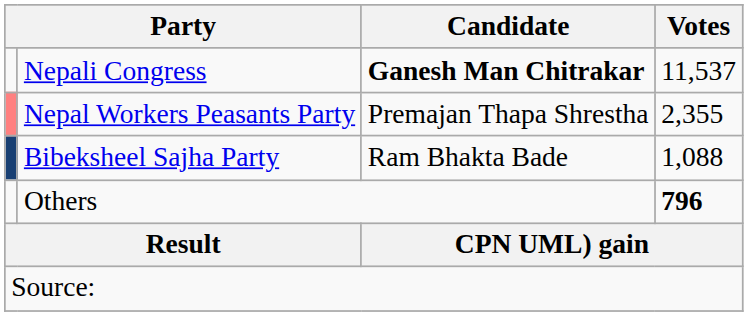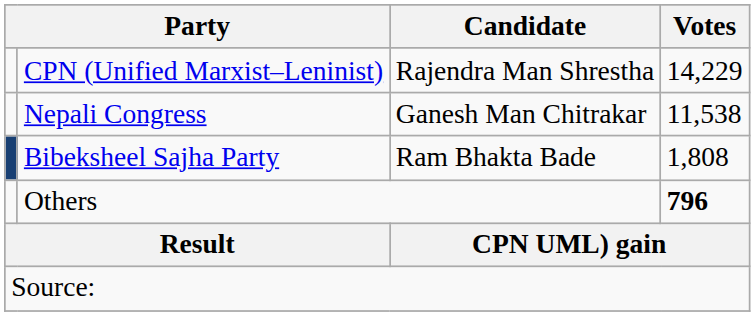 <table class="wikitable">
 <tr>
 <th colspan="2">Party</th>
 <th>Candidate</th>
 <th>Votes</th>
 </tr>
 <tr>
 <td style="background-color:"></td>
-<td><a href='#'>Nepali Congress</a></td>
-<td><strong>Ganesh Man Chitrakar</strong></td>
-<td>11,537</td>
+<td><a href='#'>CPN (Unified Marxist–Leninist)</a></td>
+<td>Rajendra Man Shrestha</td>
+<td>14,229</td>
 </tr>
 <tr>
-<td style="background-color:#FF8080"></td>
-<td><a href='#'>Nepal Workers Peasants Party</a></td>
-<td>Premajan Thapa Shrestha</td>
-<td>2,355</td>
+<td style="background-color:"></td>
+<td><a href='#'>Nepali Congress</a></td>
+<td>Ganesh Man Chitrakar</td>
+<td>11,538</td>
 </tr>
 <tr>
 <td style="background-color:#183F73"></td>
 <td><a href='#'>Bibeksheel Sajha Party</a></td>
 <td>Ram Bhakta Bade</td>
-<td>1,088</td>
+<td>1,808</td>
 </tr>
 <tr>
 <td></td>
 <td colspan="2">Others</td>
 <td><strong>796</strong></td>
 </tr>
 <tr>
 <th colspan="2">Result</th>
 <th colspan="2">CPN UML) gain</th>
 </tr>
 <tr>
 <td colspan="4">Source: </td>
 </tr>
 </table>
